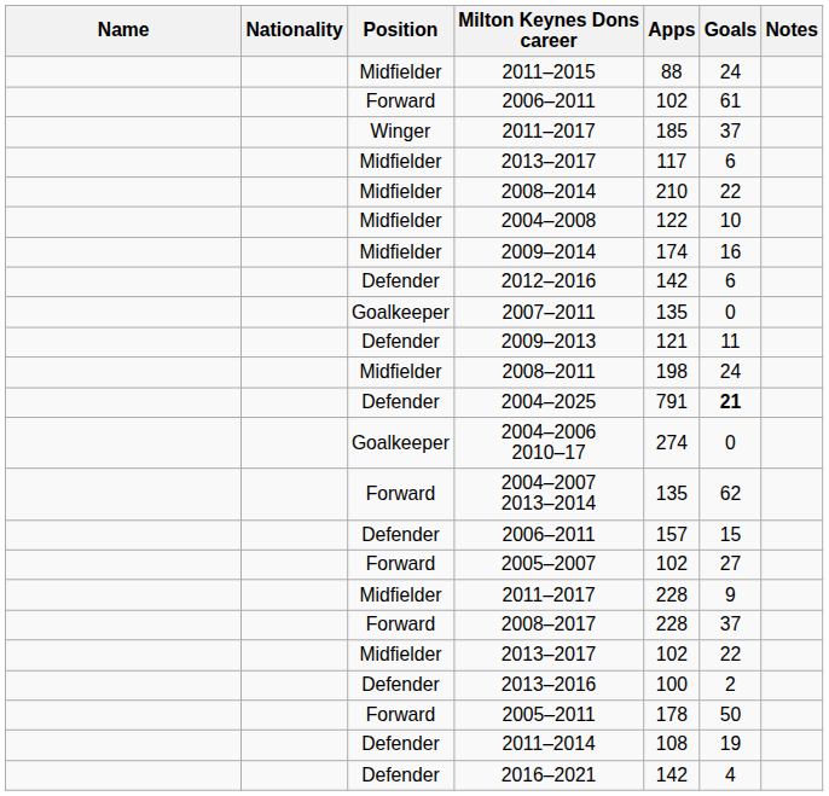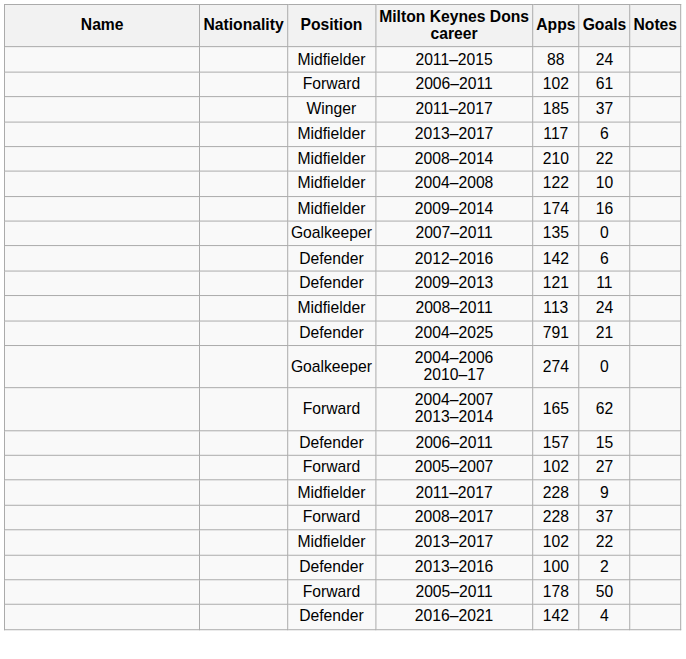 <table class="wikitable sortable" style="text-align: center;">
 <tr>
 <th style="width:12em">Name</th>
 <th>Nationality</th>
 <th>Position</th>
 <th>Milton Keynes Dons<br>career</th>
 <th>Apps</th>
 <th>Goals</th>
 <th class="unsortable">Notes</th>
 </tr>
 <tr>
 <td align="left"></td>
 <td align="left"></td>
 <td>Midfielder</td>
 <td>2011–2015</td>
 <td>88</td>
 <td>24</td>
 <td></td>
 </tr>
 <tr>
 <td align="left"></td>
 <td align="left"></td>
 <td>Forward</td>
 <td>2006–2011</td>
 <td>102</td>
 <td>61</td>
 <td></td>
 </tr>
 <tr>
 <td align="left"></td>
 <td align="left"></td>
 <td>Winger</td>
 <td>2011–2017</td>
 <td>185</td>
 <td>37</td>
 <td></td>
 </tr>
 <tr>
 <td align="left"></td>
 <td align="left"></td>
 <td>Midfielder</td>
 <td>2013–2017</td>
 <td>117</td>
 <td>6</td>
 <td></td>
 </tr>
 <tr>
 <td align="left"></td>
 <td align="left"></td>
 <td>Midfielder</td>
 <td>2008–2014</td>
 <td>210</td>
 <td>22</td>
 <td></td>
 </tr>
 <tr>
 <td align="left"></td>
 <td align="left"></td>
 <td>Midfielder</td>
 <td>2004–2008</td>
 <td>122</td>
 <td>10</td>
 <td></td>
 </tr>
 <tr>
 <td align="left"></td>
 <td align="left"></td>
 <td>Midfielder</td>
 <td>2009–2014</td>
 <td>174</td>
 <td>16</td>
 <td></td>
 </tr>
 <tr>
 <td align="left"></td>
 <td align="left"></td>
-<td>Defender</td>
-<td>2012–2016</td>
-<td>142</td>
-<td>6</td>
+<td>Goalkeeper</td>
+<td>2007–2011</td>
+<td>135</td>
+<td>0</td>
 <td></td>
 </tr>
 <tr>
 <td align="left"></td>
 <td align="left"></td>
-<td>Goalkeeper</td>
-<td>2007–2011</td>
-<td>135</td>
-<td>0</td>
+<td>Defender</td>
+<td>2012–2016</td>
+<td>142</td>
+<td>6</td>
 <td></td>
 </tr>
 <tr>
 <td align="left"></td>
 <td align="left"></td>
 <td>Defender</td>
 <td>2009–2013</td>
 <td>121</td>
 <td>11</td>
 <td></td>
 </tr>
 <tr>
 <td align="left"></td>
 <td align="left"></td>
 <td>Midfielder</td>
 <td>2008–2011</td>
-<td>198</td>
+<td>113</td>
 <td>24</td>
 <td></td>
 </tr>
 <tr>
 <td align="left"></td>
 <td align="left"></td>
 <td>Defender</td>
 <td>2004–2025</td>
 <td>791</td>
-<td><strong>21</strong></td>
+<td>21</td>
 <td></td>
 </tr>
 <tr>
 <td align="left"></td>
 <td align="left"></td>
 <td>Goalkeeper</td>
 <td>2004–2006<br>2010–17</td>
 <td>274</td>
 <td>0</td>
 <td></td>
 </tr>
 <tr>
 <td align="left"></td>
 <td align="left"></td>
 <td>Forward</td>
 <td>2004–2007<br>2013–2014</td>
-<td>135</td>
+<td>165</td>
 <td>62</td>
 <td></td>
 </tr>
 <tr>
 <td align="left"></td>
 <td align="left"></td>
 <td>Defender</td>
 <td>2006–2011</td>
 <td>157</td>
 <td>15</td>
 <td></td>
 </tr>
 <tr>
 <td align="left"></td>
 <td align="left"></td>
 <td>Forward</td>
 <td>2005–2007</td>
 <td>102</td>
 <td>27</td>
 <td></td>
 </tr>
 <tr>
 <td align="left"></td>
 <td align="left"></td>
 <td>Midfielder</td>
 <td>2011–2017</td>
 <td>228</td>
 <td>9</td>
 <td></td>
 </tr>
 <tr>
 <td align="left"></td>
 <td align="left"></td>
 <td>Forward</td>
 <td>2008–2017</td>
 <td>228</td>
 <td>37</td>
 <td></td>
 </tr>
 <tr>
 <td align="left"></td>
 <td align="left"></td>
 <td>Midfielder</td>
 <td>2013–2017</td>
 <td>102</td>
 <td>22</td>
 <td></td>
 </tr>
 <tr>
 <td align="left"></td>
 <td align="left"></td>
 <td>Defender</td>
 <td>2013–2016</td>
 <td>100</td>
 <td>2</td>
 <td></td>
 </tr>
 <tr>
 <td align="left"></td>
 <td align="left"></td>
 <td>Forward</td>
 <td>2005–2011</td>
 <td>178</td>
 <td>50</td>
 <td></td>
 </tr>
 <tr>
 <td align="left"></td>
 <td align="left"></td>
 <td>Defender</td>
-<td>2011–2014</td>
-<td>108</td>
-<td>19</td>
-<td></td>
-</tr>
-<tr>
-<td align="left"></td>
-<td align="left"></td>
-<td>Defender</td>
 <td>2016–2021</td>
 <td>142</td>
 <td>4</td>
 <td></td>
 </tr>
 </table>
